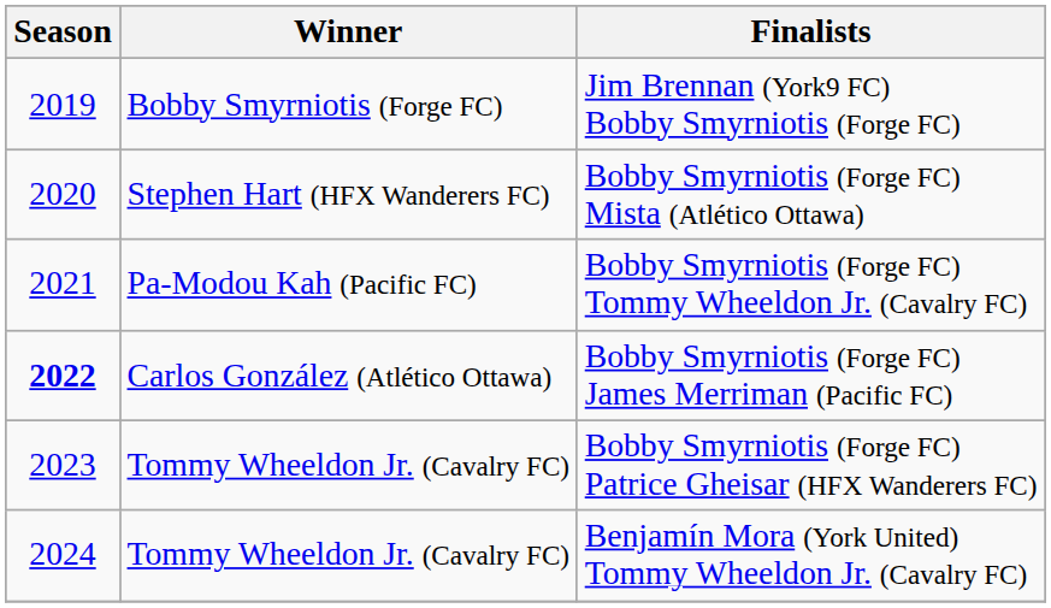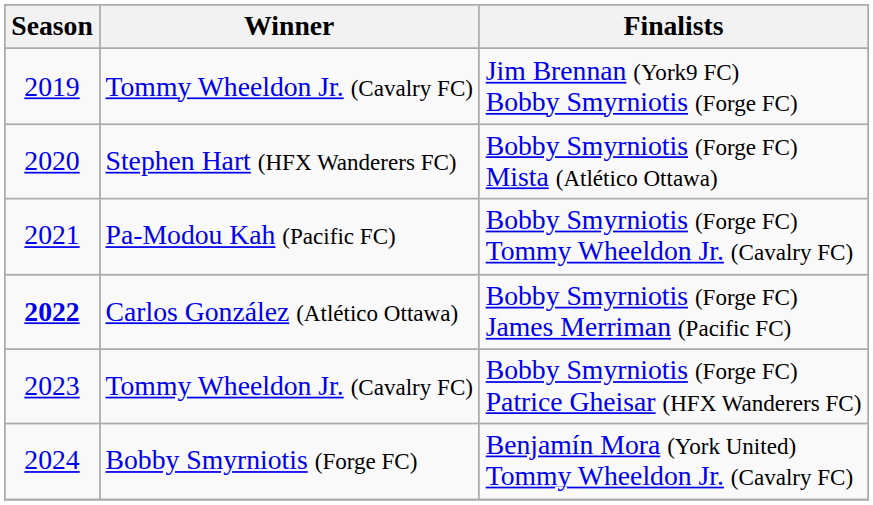 <table class='wikitable'>
 <tr>
 <th>Season</th>
 <th>Winner</th>
 <th>Finalists</th>
 </tr>
 <tr>
 <td align=center><a href='#'>2019</a></td>
-<td> <a href='#'>Bobby Smyrniotis</a> <small>(Forge FC)</small></td>
+<td> <a href='#'>Tommy Wheeldon Jr.</a> <small>(Cavalry FC)</small></td>
 <td> <a href='#'>Jim Brennan</a> <small>(York9 FC)</small><br> <a href='#'>Bobby Smyrniotis</a> <small>(Forge FC)</small></td>
 </tr>
 <tr>
 <td align=center><a href='#'>2020</a></td>
 <td> <a href='#'>Stephen Hart</a> <small>(HFX Wanderers FC)</small></td>
 <td> <a href='#'>Bobby Smyrniotis</a> <small>(Forge FC)</small><br> <a href='#'>Mista</a> <small>(Atlético Ottawa)</small></td>
 </tr>
 <tr>
 <td align=center><a href='#'>2021</a></td>
 <td> <a href='#'>Pa-Modou Kah</a> <small>(Pacific FC)</small></td>
 <td> <a href='#'>Bobby Smyrniotis</a> <small>(Forge FC)</small><br> <a href='#'>Tommy Wheeldon Jr.</a> <small>(Cavalry FC)</small></td>
 </tr>
 <tr>
 <td align=center><strong><a href='#'>2022</a></strong></td>
 <td> <a href='#'>Carlos González</a> <small>(Atlético Ottawa)</small></td>
 <td> <a href='#'>Bobby Smyrniotis</a> <small>(Forge FC)</small><br> <a href='#'>James Merriman</a> <small>(Pacific FC)</small></td>
 </tr>
 <tr>
 <td align=center><a href='#'>2023</a></td>
 <td> <a href='#'>Tommy Wheeldon Jr.</a> <small>(Cavalry FC)</small></td>
 <td> <a href='#'>Bobby Smyrniotis</a> <small>(Forge FC)</small><br> <a href='#'>Patrice Gheisar</a> <small>(HFX Wanderers FC)</small></td>
 </tr>
 <tr>
 <td align=center><a href='#'>2024</a></td>
-<td> <a href='#'>Tommy Wheeldon Jr.</a> <small>(Cavalry FC)</small></td>
+<td> <a href='#'>Bobby Smyrniotis</a> <small>(Forge FC)</small></td>
 <td> <a href='#'>Benjamín Mora</a> <small>(York United)</small><br> <a href='#'>Tommy Wheeldon Jr.</a> <small>(Cavalry FC)</small></td>
 </tr>
 <tr>
 </tr>
 </table>
